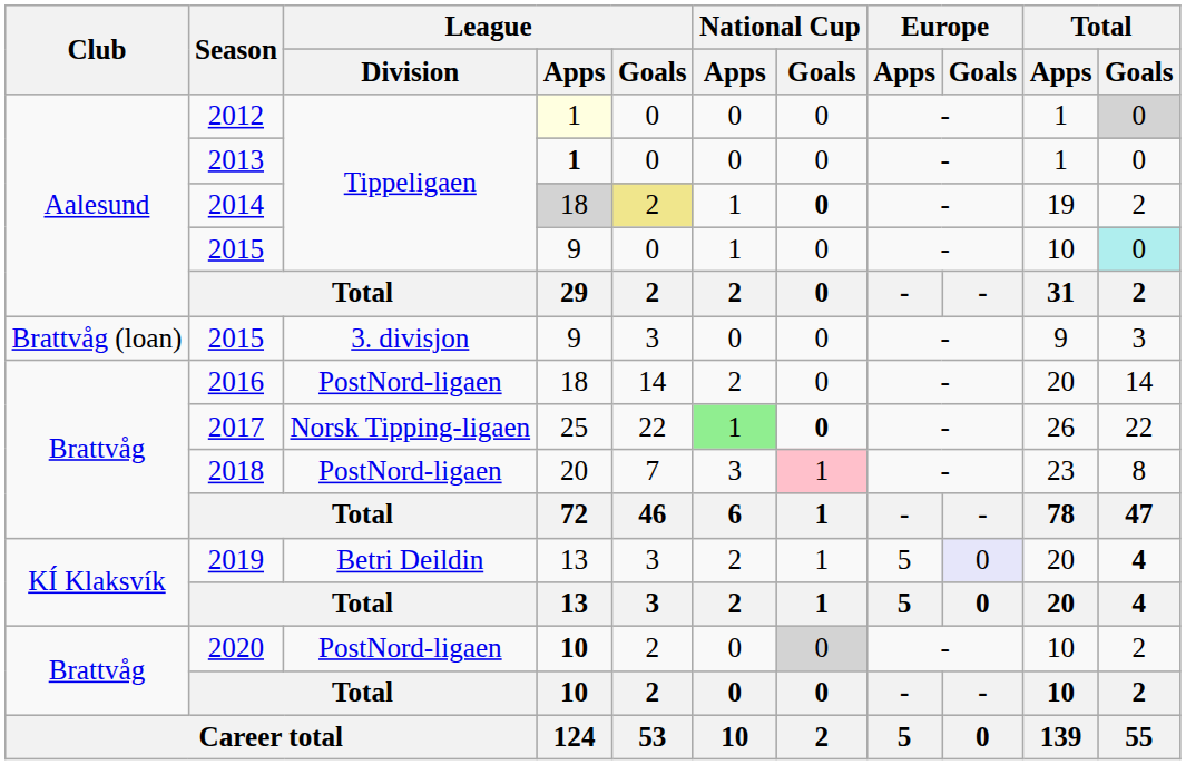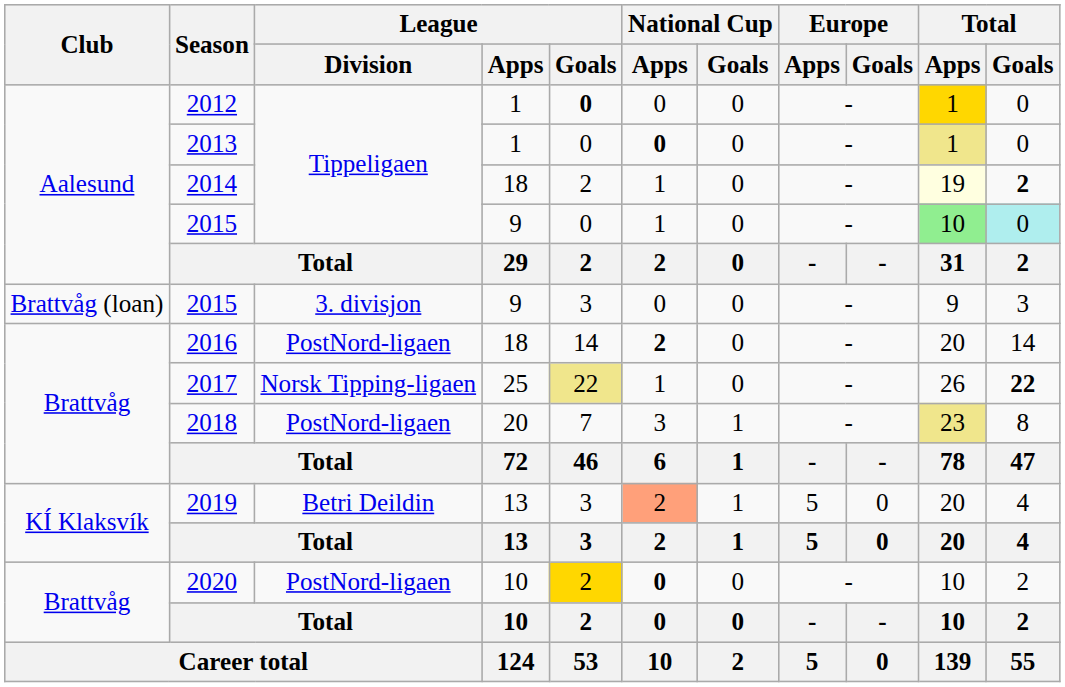 <table class="wikitable" style="text-align: center;">
 <tr>
 <th rowspan="2">Club</th>
 <th rowspan="2">Season</th>
 <th colspan="3">League</th>
 <th colspan="2">National Cup</th>
 <th colspan="2">Europe</th>
 <th colspan="2">Total</th>
 </tr>
 <tr>
 <th>Division</th>
 <th>Apps</th>
 <th>Goals</th>
 <th>Apps</th>
 <th>Goals</th>
 <th>Apps</th>
 <th>Goals</th>
 <th>Apps</th>
 <th>Goals</th>
 </tr>
 <tr>
 <td rowspan="5"><a href='#'>Aalesund</a></td>
 <td><a href='#'>2012</a></td>
 <td rowspan="4"><a href='#'>Tippeligaen</a></td>
-<td style="background: lightyellow;">1</td>
-<td>0</td>
+<td>1</td>
+<td><strong>0</strong></td>
 <td>0</td>
 <td>0</td>
 <td colspan="2">-</td>
-<td>1</td>
-<td style="background: lightgrey;">0</td>
+<td style="background: gold;">1</td>
+<td>0</td>
 </tr>
 <tr>
 <td><a href='#'>2013</a></td>
-<td><strong>1</strong></td>
+<td>1</td>
 <td>0</td>
-<td>0</td>
+<td><strong>0</strong></td>
 <td>0</td>
 <td colspan="2">-</td>
-<td>1</td>
+<td style="background: khaki;">1</td>
 <td>0</td>
 </tr>
 <tr>
 <td><a href='#'>2014</a></td>
-<td style="background: lightgrey;">18</td>
-<td style="background: khaki;">2</td>
+<td>18</td>
+<td>2</td>
 <td>1</td>
-<td><strong>0</strong></td>
+<td>0</td>
 <td colspan="2">-</td>
-<td>19</td>
-<td>2</td>
+<td style="background: lightyellow;">19</td>
+<td><strong>2</strong></td>
 </tr>
 <tr>
 <td><a href='#'>2015</a></td>
 <td>9</td>
 <td>0</td>
 <td>1</td>
 <td>0</td>
 <td colspan="2">-</td>
-<td>10</td>
+<td style="background: lightgreen;">10</td>
 <td style="background: paleturquoise;">0</td>
 </tr>
 <tr>
 <th colspan="2">Total</th>
 <th>29</th>
 <th>2</th>
 <th>2</th>
 <th>0</th>
 <th>-</th>
 <th>-</th>
 <th>31</th>
 <th>2</th>
 </tr>
 <tr>
 <td rowspan="1"><a href='#'>Brattvåg</a> (loan)</td>
 <td><a href='#'>2015</a></td>
 <td rowspan="1"><a href='#'>3. divisjon</a></td>
 <td>9</td>
 <td>3</td>
 <td>0</td>
 <td>0</td>
 <td colspan="2">-</td>
 <td>9</td>
 <td>3</td>
 </tr>
 <tr>
 <td rowspan="4"><a href='#'>Brattvåg</a></td>
 <td><a href='#'>2016</a></td>
 <td rowspan="1"><a href='#'>PostNord-ligaen</a></td>
 <td>18</td>
 <td>14</td>
-<td>2</td>
+<td><strong>2</strong></td>
 <td>0</td>
 <td colspan="2">-</td>
 <td>20</td>
 <td>14</td>
 </tr>
 <tr>
 <td><a href='#'>2017</a></td>
 <td rowspan="1"><a href='#'>Norsk Tipping-ligaen</a></td>
 <td>25</td>
-<td>22</td>
-<td style="background: lightgreen;">1</td>
-<td><strong>0</strong></td>
+<td style="background: khaki;">22</td>
+<td>1</td>
+<td>0</td>
 <td colspan="2">-</td>
 <td>26</td>
-<td>22</td>
+<td><strong>22</strong></td>
 </tr>
 <tr>
 <td><a href='#'>2018</a></td>
 <td rowspan="1"><a href='#'>PostNord-ligaen</a></td>
 <td>20</td>
 <td>7</td>
 <td>3</td>
-<td style="background: pink;">1</td>
+<td>1</td>
 <td colspan="2">-</td>
-<td>23</td>
+<td style="background: khaki;">23</td>
 <td>8</td>
 </tr>
 <tr>
 <th colspan="2">Total</th>
 <th>72</th>
 <th>46</th>
 <th>6</th>
 <th>1</th>
 <th>-</th>
 <th>-</th>
 <th>78</th>
 <th>47</th>
 </tr>
 <tr>
 <td rowspan="2"><a href='#'>KÍ Klaksvík</a></td>
 <td><a href='#'>2019</a></td>
 <td rowspan="1"><a href='#'>Betri Deildin</a></td>
 <td>13</td>
 <td>3</td>
-<td>2</td>
+<td style="background: lightsalmon;">2</td>
 <td>1</td>
 <td>5</td>
-<td style="background: lavender;">0</td>
+<td>0</td>
 <td>20</td>
-<td><strong>4</strong></td>
+<td>4</td>
 </tr>
 <tr>
 <th colspan="2">Total</th>
 <th>13</th>
 <th>3</th>
 <th>2</th>
 <th>1</th>
 <th>5</th>
 <th>0</th>
 <th>20</th>
 <th>4</th>
 </tr>
 <tr>
 <td rowspan="2"><a href='#'>Brattvåg</a></td>
 <td><a href='#'>2020</a></td>
 <td rowspan="1"><a href='#'>PostNord-ligaen</a></td>
-<td><strong>10</strong></td>
-<td>2</td>
+<td>10</td>
+<td style="background: gold;">2</td>
+<td><strong>0</strong></td>
 <td>0</td>
-<td style="background: lightgrey;">0</td>
 <td colspan="2">-</td>
 <td>10</td>
 <td>2</td>
 </tr>
 <tr>
 <th colspan="2">Total</th>
 <th>10</th>
 <th>2</th>
 <th>0</th>
 <th>0</th>
 <th>-</th>
 <th>-</th>
 <th>10</th>
 <th>2</th>
 </tr>
 <tr>
 <th colspan="3">Career total</th>
 <th>124</th>
 <th>53</th>
 <th>10</th>
 <th>2</th>
 <th>5</th>
 <th>0</th>
 <th>139</th>
 <th>55</th>
 </tr>
 </table>
